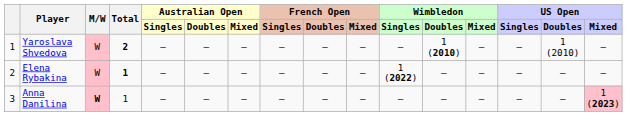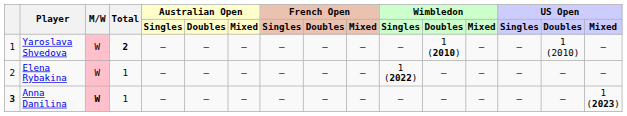 <table class="wikitable mw-datatable sortable" style="text-align:center;">
 <tr>
 <th data-sort-type="number" width="5%" rowspan="2"></th>
 <th width="15%" rowspan="2">Player</th>
 <th width="5%"  rowspan="2">M/W</th>
 <th rowspan="2">Total</th>
 <th colspan="3" style="background:#ffc;">Australian Open</th>
 <th colspan="3" style="background:#ebc2af;">French Open</th>
 <th colspan="3" style="background:#cfc;">Wimbledon</th>
 <th colspan="3" style="background:#ccf;">US Open</th>
 </tr>
 <tr>
 <th style="background:#ffc; width:60px;">Singles</th>
 <th style="background:#ffc; width:60px;">Doubles</th>
 <th style="background:#ffc; width:60px;">Mixed</th>
 <th style="background:#ebc2af; width:60px;">Singles</th>
 <th style="background:#ebc2af; width:60px;">Doubles</th>
 <th style="background:#ebc2af; width:60px;">Mixed</th>
 <th style="background:#cfc; width:60px;">Singles</th>
 <th style="background:#cfc; width:60px;">Doubles</th>
 <th style="background:#cfc; width:60px;">Mixed</th>
 <th style="background:#ccf; width:60px;">Singles</th>
 <th style="background:#ccf; width:60px;">Doubles</th>
 <th style="background:#ccf; width:60px;">Mixed</th>
 </tr>
 <tr>
 <td>1</td>
 <td style="text-align:left"><a href='#'>Yaroslava Shvedova</a></td>
 <td style="background:pink;">W</td>
 <td><strong>2</strong></td>
 <td>—</td>
 <td>—</td>
 <td>—</td>
 <td>—</td>
 <td>—</td>
 <td>—</td>
 <td>—</td>
 <td>1 (<strong>2010</strong>)</td>
 <td>—</td>
 <td>—</td>
 <td>1 (2010)</td>
 <td>—</td>
 </tr>
 <tr>
 <td>2</td>
 <td style="text-align:left"><a href='#'>Elena Rybakina</a></td>
 <td style="background:pink;">W</td>
-<td><strong>1</strong></td>
+<td>1</td>
 <td>—</td>
 <td>—</td>
 <td>—</td>
 <td>—</td>
 <td>—</td>
 <td>—</td>
 <td>1 (<strong>2022</strong>)</td>
 <td>—</td>
 <td>—</td>
 <td>—</td>
 <td>—</td>
 <td>—</td>
 </tr>
 <tr>
-<td>3</td>
+<td><strong>3</strong></td>
 <td style="text-align:left"><a href='#'>Anna Danilina</a></td>
 <td style="background:pink;"><strong>W</strong></td>
 <td>1</td>
 <td>—</td>
 <td>—</td>
 <td>—</td>
 <td>—</td>
 <td>—</td>
 <td>—</td>
 <td>—</td>
 <td>—</td>
 <td>—</td>
 <td>—</td>
 <td>—</td>
-<td style="background: pink;">1 (<strong>2023</strong>)</td>
+<td>1 (<strong>2023</strong>)</td>
 </tr>
 </table>
